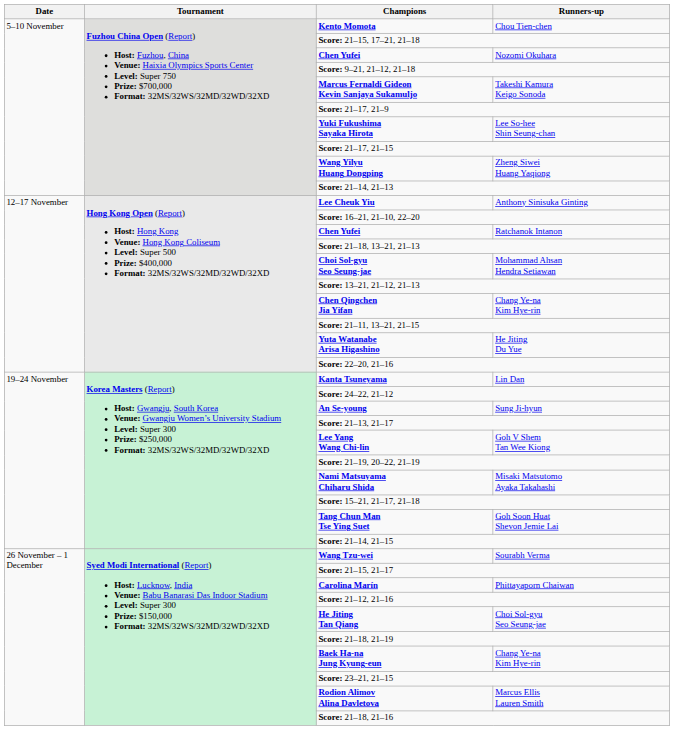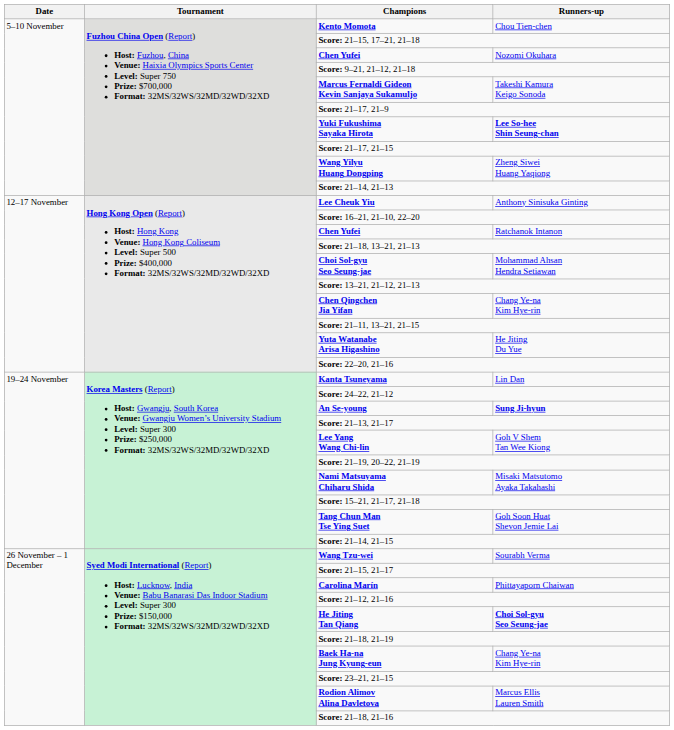 <table class=wikitable style=font-size:80%>
 <tr>
 <th width=110>Date</th>
 <th width=330>Tournament</th>
 <th width=250>Champions</th>
 <th width=250>Runners-up</th>
 </tr>
 <tr valign=top>
 <td rowspan=10>5–10 November</td>
 <td style="background:#DEDEDC;" rowspan="10"><br><strong><a href='#'>Fuzhou China Open</a></strong> (<a href='#'>Report</a>)<ul><li><strong>Host:</strong> <a href='#'>Fuzhou</a>, <a href='#'>China</a></li><li><strong>Venue:</strong> <a href='#'>Haixia Olympics Sports Center</a></li><li><strong>Level:</strong> Super 750</li><li><strong>Prize:</strong> $700,000</li><li><strong>Format:</strong> 32MS/32WS/32MD/32WD/32XD</li></ul></td>
 <td><strong> <a href='#'>Kento Momota</a></strong></td>
 <td> <a href='#'>Chou Tien-chen</a></td>
 </tr>
 <tr>
 <td colspan=2><strong>Score:</strong> 21–15, 17–21, 21–18</td>
 </tr>
 <tr valign=top>
 <td><strong> <a href='#'>Chen Yufei</a></strong></td>
 <td> <a href='#'>Nozomi Okuhara</a></td>
 </tr>
 <tr>
 <td colspan=2><strong>Score:</strong> 9–21, 21–12, 21–18</td>
 </tr>
 <tr valign=top>
 <td><strong> <a href='#'>Marcus Fernaldi Gideon</a><br> <a href='#'>Kevin Sanjaya Sukamuljo</a></strong></td>
 <td> <a href='#'>Takeshi Kamura</a><br> <a href='#'>Keigo Sonoda</a></td>
 </tr>
 <tr>
 <td colspan=2><strong>Score:</strong> 21–17, 21–9</td>
 </tr>
 <tr valign=top>
 <td><strong> <a href='#'>Yuki Fukushima</a><br> <a href='#'>Sayaka Hirota</a></strong></td>
-<td> <a href='#'>Lee So-hee</a><br> <a href='#'>Shin Seung-chan</a></td>
+<td><strong> <a href='#'>Lee So-hee</a><br> <a href='#'>Shin Seung-chan</a></strong></td>
 </tr>
 <tr>
 <td colspan=2><strong>Score:</strong> 21–17, 21–15</td>
 </tr>
 <tr valign=top>
 <td><strong> <a href='#'>Wang Yilyu</a><br> <a href='#'>Huang Dongping</a></strong></td>
 <td> <a href='#'>Zheng Siwei</a><br> <a href='#'>Huang Yaqiong</a></td>
 </tr>
 <tr>
 <td colspan=2><strong>Score:</strong> 21–14, 21–13</td>
 </tr>
 <tr valign=top>
 <td rowspan=10>12–17 November</td>
 <td style="background:#E9E9E9;" rowspan="10"><br><strong><a href='#'>Hong Kong Open</a></strong> (<a href='#'>Report</a>)<ul><li><strong>Host:</strong> <a href='#'>Hong Kong</a></li><li><strong>Venue:</strong> <a href='#'>Hong Kong Coliseum</a></li><li><strong>Level:</strong> Super 500</li><li><strong>Prize:</strong> $400,000</li><li><strong>Format:</strong> 32MS/32WS/32MD/32WD/32XD</li></ul></td>
 <td><strong> <a href='#'>Lee Cheuk Yiu</a></strong></td>
 <td> <a href='#'>Anthony Sinisuka Ginting</a></td>
 </tr>
 <tr>
 <td colspan=2><strong>Score:</strong> 16–21, 21–10, 22–20</td>
 </tr>
 <tr valign=top>
 <td><strong> <a href='#'>Chen Yufei</a></strong></td>
 <td> <a href='#'>Ratchanok Intanon</a></td>
 </tr>
 <tr>
 <td colspan=2><strong>Score:</strong> 21–18, 13–21, 21–13</td>
 </tr>
 <tr valign=top>
 <td><strong> <a href='#'>Choi Sol-gyu</a><br> <a href='#'>Seo Seung-jae</a></strong></td>
 <td> <a href='#'>Mohammad Ahsan</a><br> <a href='#'>Hendra Setiawan</a></td>
 </tr>
 <tr>
 <td colspan=2><strong>Score:</strong> 13–21, 21–12, 21–13</td>
 </tr>
 <tr valign=top>
 <td><strong> <a href='#'>Chen Qingchen</a><br> <a href='#'>Jia Yifan</a></strong></td>
 <td> <a href='#'>Chang Ye-na</a><br> <a href='#'>Kim Hye-rin</a></td>
 </tr>
 <tr>
 <td colspan=2><strong>Score:</strong> 21–11, 13–21, 21–15</td>
 </tr>
 <tr valign=top>
 <td><strong> <a href='#'>Yuta Watanabe</a><br> <a href='#'>Arisa Higashino</a></strong></td>
 <td> <a href='#'>He Jiting</a><br> <a href='#'>Du Yue</a></td>
 </tr>
 <tr>
 <td colspan=2><strong>Score:</strong> 22–20, 21–16</td>
 </tr>
 <tr valign=top>
 <td rowspan=10>19–24 November</td>
 <td style="background:#C7F2D5;" rowspan="10"><br><strong><a href='#'>Korea Masters</a></strong> (<a href='#'>Report</a>)<ul><li><strong>Host:</strong> <a href='#'>Gwangju</a>, <a href='#'>South Korea</a></li><li><strong>Venue:</strong> <a href='#'>Gwangju Women’s University Stadium</a></li><li><strong>Level:</strong> Super 300</li><li><strong>Prize:</strong> $250,000</li><li><strong>Format:</strong> 32MS/32WS/32MD/32WD/32XD</li></ul></td>
 <td><strong> <a href='#'>Kanta Tsuneyama</a></strong></td>
 <td> <a href='#'>Lin Dan</a></td>
 </tr>
 <tr>
 <td colspan=2><strong>Score:</strong> 24–22, 21–12</td>
 </tr>
 <tr valign=top>
 <td><strong> <a href='#'>An Se-young</a></strong></td>
-<td> <a href='#'>Sung Ji-hyun</a></td>
+<td><strong> <a href='#'>Sung Ji-hyun</a></strong></td>
 </tr>
 <tr>
 <td colspan=2><strong>Score:</strong> 21–13, 21–17</td>
 </tr>
 <tr valign=top>
 <td><strong> <a href='#'>Lee Yang</a><br> <a href='#'>Wang Chi-lin</a></strong></td>
 <td> <a href='#'>Goh V Shem</a><br> <a href='#'>Tan Wee Kiong</a></td>
 </tr>
 <tr>
 <td colspan=2><strong>Score:</strong> 21–19, 20–22, 21–19</td>
 </tr>
 <tr valign=top>
 <td><strong> <a href='#'>Nami Matsuyama</a><br> <a href='#'>Chiharu Shida</a></strong></td>
 <td> <a href='#'>Misaki Matsutomo</a><br> <a href='#'>Ayaka Takahashi</a></td>
 </tr>
 <tr>
 <td colspan=2><strong>Score:</strong> 15–21, 21–17, 21–18</td>
 </tr>
 <tr valign=top>
 <td><strong> <a href='#'>Tang Chun Man</a><br> <a href='#'>Tse Ying Suet</a></strong></td>
 <td> <a href='#'>Goh Soon Huat</a><br> <a href='#'>Shevon Jemie Lai</a></td>
 </tr>
 <tr>
 <td colspan=2><strong>Score:</strong> 21–14, 21–15</td>
 </tr>
 <tr valign=top>
 <td rowspan=10>26 November – 1 December</td>
 <td style="background:#C7F2D5;" rowspan="10"><br><strong><a href='#'>Syed Modi International</a></strong> (<a href='#'>Report</a>)<ul><li><strong>Host:</strong> <a href='#'>Lucknow</a>, <a href='#'>India</a></li><li><strong>Venue:</strong> <a href='#'>Babu Banarasi Das Indoor Stadium</a></li><li><strong>Level:</strong> Super 300</li><li><strong>Prize:</strong> $150,000</li><li><strong>Format:</strong> 32MS/32WS/32MD/32WD/32XD</li></ul></td>
 <td><strong> <a href='#'>Wang Tzu-wei</a></strong></td>
 <td> <a href='#'>Sourabh Verma</a></td>
 </tr>
 <tr>
 <td colspan=2><strong>Score:</strong> 21–15, 21–17</td>
 </tr>
 <tr valign=top>
 <td><strong> <a href='#'>Carolina Marín</a></strong></td>
 <td> <a href='#'>Phittayaporn Chaiwan</a></td>
 </tr>
 <tr>
 <td colspan=2><strong>Score:</strong> 21–12, 21–16</td>
 </tr>
 <tr valign=top>
 <td><strong> <a href='#'>He Jiting</a><br> <a href='#'>Tan Qiang</a></strong></td>
-<td> <a href='#'>Choi Sol-gyu</a><br> <a href='#'>Seo Seung-jae</a></td>
+<td><strong> <a href='#'>Choi Sol-gyu</a><br> <a href='#'>Seo Seung-jae</a></strong></td>
 </tr>
 <tr>
 <td colspan=2><strong>Score:</strong> 21–18, 21–19</td>
 </tr>
 <tr valign=top>
 <td><strong> <a href='#'>Baek Ha-na</a><br> <a href='#'>Jung Kyung-eun</a></strong></td>
 <td> <a href='#'>Chang Ye-na</a><br> <a href='#'>Kim Hye-rin</a></td>
 </tr>
 <tr>
 <td colspan=2><strong>Score:</strong> 23–21, 21–15</td>
 </tr>
 <tr valign=top>
 <td><strong> <a href='#'>Rodion Alimov</a><br> <a href='#'>Alina Davletova</a></strong></td>
 <td> <a href='#'>Marcus Ellis</a><br> <a href='#'>Lauren Smith</a></td>
 </tr>
 <tr>
 <td colspan=2><strong>Score:</strong> 21–18, 21–16</td>
 </tr>
 </table>
